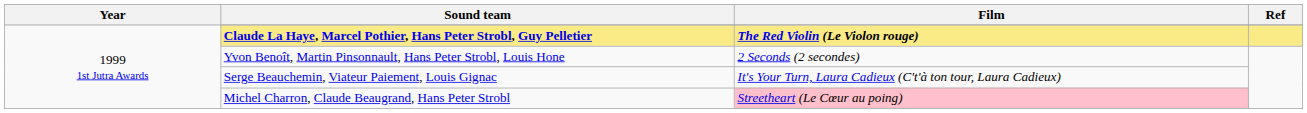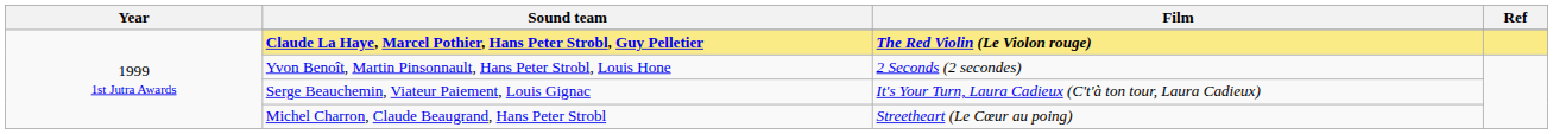 <table class="wikitable" style="width:100%;">
 <tr style="background:#bebebe;">
 <th style="width:8%;">Year</th>
 <th style="width:19%;">Sound team</th>
 <th style="width:19%;">Film</th>
 <th style="width:2%;">Ref</th>
 </tr>
 <tr>
 <td rowspan="5" align="center">1999 <br> <small><a href='#'>1st Jutra Awards</a></small></td>
 </tr>
 <tr style="background:#FAEB86">
 <td><strong><a href='#'>Claude La Haye</a>, <a href='#'>Marcel Pothier</a>, <a href='#'>Hans Peter Strobl</a>, <a href='#'>Guy Pelletier</a></strong></td>
 <td><strong><em><a href='#'>The Red Violin</a> (Le Violon rouge)</em></strong></td>
 <td></td>
 </tr>
 <tr>
 <td><a href='#'>Yvon Benoît</a>, <a href='#'>Martin Pinsonnault</a>, <a href='#'>Hans Peter Strobl</a>, <a href='#'>Louis Hone</a></td>
 <td><em><a href='#'>2 Seconds</a> (2 secondes)</em></td>
 <td rowspan=3></td>
 </tr>
 <tr>
 <td><a href='#'>Serge Beauchemin</a>, <a href='#'>Viateur Paiement</a>, <a href='#'>Louis Gignac</a></td>
 <td><em><a href='#'>It's Your Turn, Laura Cadieux</a> (C't'à ton tour, Laura Cadieux)</em></td>
 </tr>
 <tr>
 <td><a href='#'>Michel Charron</a>, <a href='#'>Claude Beaugrand</a>, <a href='#'>Hans Peter Strobl</a></td>
-<td style="background: pink;"><em><a href='#'>Streetheart</a> (Le Cœur au poing)</em></td>
+<td><em><a href='#'>Streetheart</a> (Le Cœur au poing)</em></td>
 </tr>
 </table>
